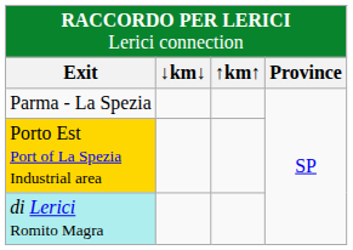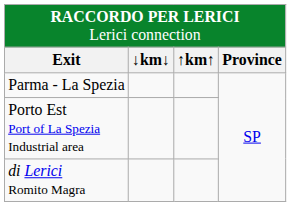 <table class="wikitable">
 <tr>
 </tr>
 <tr align="center" style="color: white;font-size:100%;" bgcolor="#08842c">
 <td colspan="6"> <strong>RACCORDO PER LERICI</strong><br>Lerici connection</td>
 </tr>
 <tr>
 <th><strong>Exit</strong></th>
 <th align="center"><strong>↓km↓</strong></th>
 <th align="center"><strong>↑km↑</strong></th>
 <th align="center"><strong>Province</strong></th>
 </tr>
 <tr>
 <td>   Parma - La Spezia</td>
 <td align="right"></td>
 <td align="right"></td>
 <td rowspan="4" align="center"><a href='#'>SP</a></td>
 </tr>
 <tr>
-<td style="background: gold;"> Porto Est<br><small>  <a href='#'>Port of La Spezia</a></small><br><small> Industrial area</small></td>
+<td> Porto Est<br><small>  <a href='#'>Port of La Spezia</a></small><br><small> Industrial area</small></td>
 <td align="right"></td>
 <td align="right"></td>
 </tr>
 <tr>
-<td style="background: paleturquoise;">  <em>di <a href='#'>Lerici</a></em> <br><small> Romito Magra</small></td>
+<td>  <em>di <a href='#'>Lerici</a></em> <br><small> Romito Magra</small></td>
 <td align="right"></td>
 <td align="right"></td>
 </tr>
 </table>
